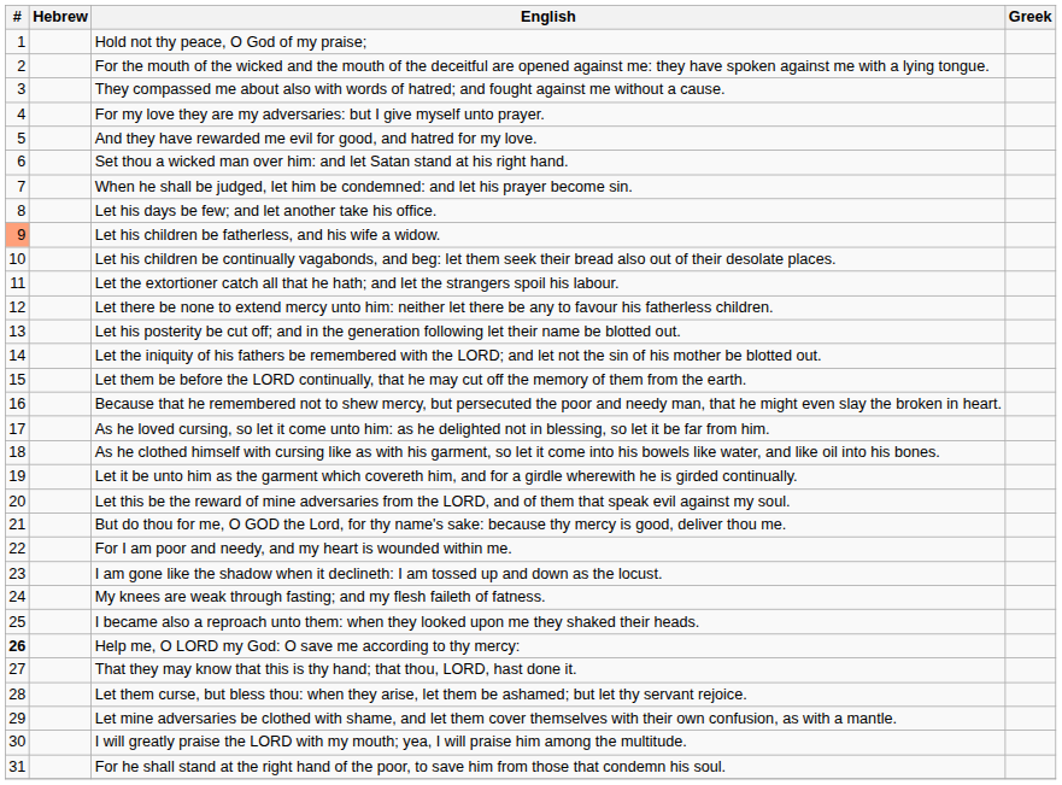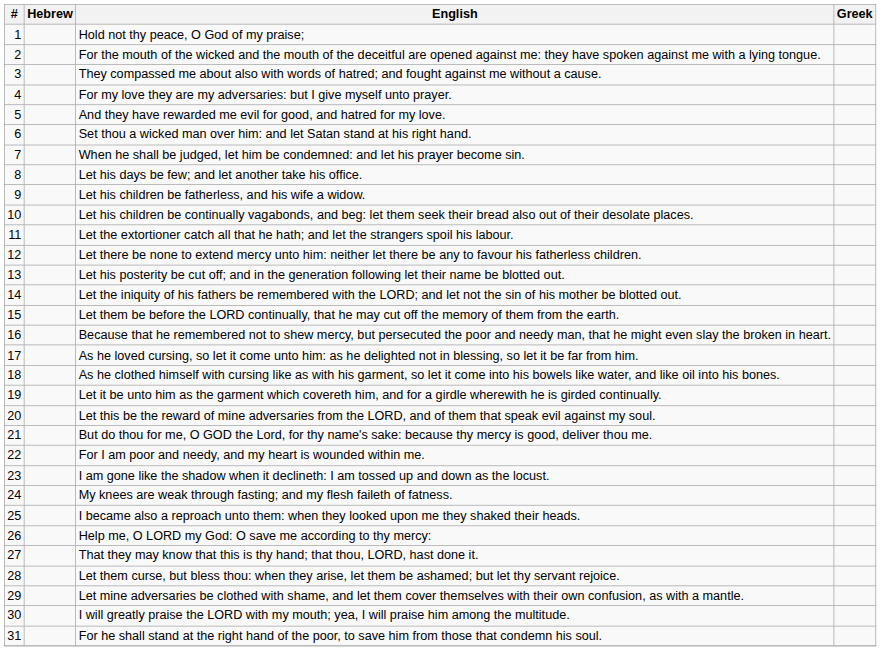 <table class=wikitable>
 <tr>
 <th>#</th>
 <th>Hebrew</th>
 <th>English</th>
 <th>Greek</th>
 </tr>
 <tr>
 <td style="text-align:right">1</td>
 <td style="text-align:right"></td>
 <td>Hold not thy peace, O God of my praise;</td>
 <td></td>
 </tr>
 <tr>
 <td style="text-align:right">2</td>
 <td style="text-align:right"></td>
 <td>For the mouth of the wicked and the mouth of the deceitful are opened against me: they have spoken against me with a lying tongue.</td>
 <td></td>
 </tr>
 <tr>
 <td style="text-align:right">3</td>
 <td style="text-align:right"></td>
 <td>They compassed me about also with words of hatred; and fought against me without a cause.</td>
 <td></td>
 </tr>
 <tr>
 <td style="text-align:right">4</td>
 <td style="text-align:right"></td>
 <td>For my love they are my adversaries: but I give myself unto prayer.</td>
 <td></td>
 </tr>
 <tr>
 <td style="text-align:right">5</td>
 <td style="text-align:right"></td>
 <td>And they have rewarded me evil for good, and hatred for my love.</td>
 <td></td>
 </tr>
 <tr>
 <td style="text-align:right">6</td>
 <td style="text-align:right"></td>
 <td>Set thou a wicked man over him: and let Satan stand at his right hand.</td>
 <td></td>
 </tr>
 <tr>
 <td style="text-align:right">7</td>
 <td style="text-align:right"></td>
 <td>When he shall be judged, let him be condemned: and let his prayer become sin.</td>
 <td></td>
 </tr>
 <tr>
 <td style="text-align:right">8</td>
 <td style="text-align:right"></td>
 <td>Let his days be few; and let another take his office.</td>
 <td></td>
 </tr>
 <tr>
-<td style="background: lightsalmon; text-align:right">9</td>
+<td style="text-align:right">9</td>
 <td style="text-align:right"></td>
 <td>Let his children be fatherless, and his wife a widow.</td>
 <td></td>
 </tr>
 <tr>
 <td style="text-align:right">10</td>
 <td style="text-align:right"></td>
 <td>Let his children be continually vagabonds, and beg: let them seek their bread also out of their desolate places.</td>
 <td></td>
 </tr>
 <tr>
 <td style="text-align:right">11</td>
 <td style="text-align:right"></td>
 <td>Let the extortioner catch all that he hath; and let the strangers spoil his labour.</td>
 <td></td>
 </tr>
 <tr>
 <td style="text-align:right">12</td>
 <td style="text-align:right"></td>
 <td>Let there be none to extend mercy unto him: neither let there be any to favour his fatherless children.</td>
 <td></td>
 </tr>
 <tr>
 <td style="text-align:right">13</td>
 <td style="text-align:right"></td>
 <td>Let his posterity be cut off; and in the generation following let their name be blotted out.</td>
 <td></td>
 </tr>
 <tr>
 <td style="text-align:right">14</td>
 <td style="text-align:right"></td>
 <td>Let the iniquity of his fathers be remembered with the LORD; and let not the sin of his mother be blotted out.</td>
 <td></td>
 </tr>
 <tr>
 <td style="text-align:right">15</td>
 <td style="text-align:right"></td>
 <td>Let them be before the LORD continually, that he may cut off the memory of them from the earth.</td>
 <td></td>
 </tr>
 <tr>
 <td style="text-align:right">16</td>
 <td style="text-align:right"></td>
 <td>Because that he remembered not to shew mercy, but persecuted the poor and needy man, that he might even slay the broken in heart.</td>
 <td></td>
 </tr>
 <tr>
 <td style="text-align:right">17</td>
 <td style="text-align:right"></td>
 <td>As he loved cursing, so let it come unto him: as he delighted not in blessing, so let it be far from him.</td>
 <td></td>
 </tr>
 <tr>
 <td style="text-align:right">18</td>
 <td style="text-align:right"></td>
 <td>As he clothed himself with cursing like as with his garment, so let it come into his bowels like water, and like oil into his bones.</td>
 <td></td>
 </tr>
 <tr>
 <td style="text-align:right">19</td>
 <td style="text-align:right"></td>
 <td>Let it be unto him as the garment which covereth him, and for a girdle wherewith he is girded continually.</td>
 <td></td>
 </tr>
 <tr>
 <td style="text-align:right">20</td>
 <td style="text-align:right"></td>
 <td>Let this be the reward of mine adversaries from the LORD, and of them that speak evil against my soul.</td>
 <td></td>
 </tr>
 <tr>
 <td style="text-align:right">21</td>
 <td style="text-align:right"></td>
 <td>But do thou for me, O GOD the Lord, for thy name's sake: because thy mercy is good, deliver thou me.</td>
 <td></td>
 </tr>
 <tr>
 <td style="text-align:right">22</td>
 <td style="text-align:right"></td>
 <td>For I am poor and needy, and my heart is wounded within me.</td>
 <td></td>
 </tr>
 <tr>
 <td style="text-align:right">23</td>
 <td style="text-align:right"></td>
 <td>I am gone like the shadow when it declineth: I am tossed up and down as the locust.</td>
 <td></td>
 </tr>
 <tr>
 <td style="text-align:right">24</td>
 <td style="text-align:right"></td>
 <td>My knees are weak through fasting; and my flesh faileth of fatness.</td>
 <td></td>
 </tr>
 <tr>
 <td style="text-align:right">25</td>
 <td style="text-align:right"></td>
 <td>I became also a reproach unto them: when they looked upon me they shaked their heads.</td>
 <td></td>
 </tr>
 <tr>
-<td style="text-align:right"><strong>26</strong></td>
+<td style="text-align:right">26</td>
 <td style="text-align:right"></td>
 <td>Help me, O LORD my God: O save me according to thy mercy:</td>
 <td></td>
 </tr>
 <tr>
 <td style="text-align:right">27</td>
 <td style="text-align:right"></td>
 <td>That they may know that this is thy hand; that thou, LORD, hast done it.</td>
 <td></td>
 </tr>
 <tr>
 <td style="text-align:right">28</td>
 <td style="text-align:right"></td>
 <td>Let them curse, but bless thou: when they arise, let them be ashamed; but let thy servant rejoice.</td>
 <td></td>
 </tr>
 <tr>
 <td style="text-align:right">29</td>
 <td style="text-align:right"></td>
 <td>Let mine adversaries be clothed with shame, and let them cover themselves with their own confusion, as with a mantle.</td>
 <td></td>
 </tr>
 <tr>
 <td style="text-align:right">30</td>
 <td style="text-align:right"></td>
 <td>I will greatly praise the LORD with my mouth; yea, I will praise him among the multitude.</td>
 <td></td>
 </tr>
 <tr>
 <td style="text-align:right">31</td>
 <td style="text-align:right"></td>
 <td>For he shall stand at the right hand of the poor, to save him from those that condemn his soul.</td>
 <td></td>
 </tr>
 <tr>
 </tr>
 </table>
